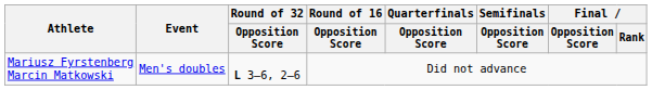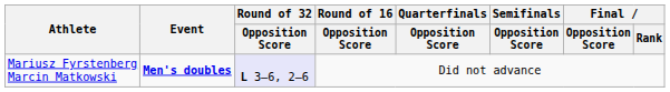 <table class=wikitable style="font-size:90%">
 <tr>
 <th rowspan="2">Athlete</th>
 <th rowspan="2">Event</th>
 <th>Round of 32</th>
 <th>Round of 16</th>
 <th>Quarterfinals</th>
 <th>Semifinals</th>
 <th colspan=2>Final / </th>
 </tr>
 <tr style="font-size:95%">
 <th>Opposition<br>Score</th>
 <th>Opposition<br>Score</th>
 <th>Opposition<br>Score</th>
 <th>Opposition<br>Score</th>
 <th>Opposition<br>Score</th>
 <th>Rank</th>
 </tr>
 <tr align=center>
 <td align=left><a href='#'>Mariusz Fyrstenberg</a><br><a href='#'>Marcin Matkowski</a></td>
-<td align=left><a href='#'>Men's doubles</a></td>
-<td><br><strong>L</strong> 3–6, 2–6</td>
+<td align=left><strong><a href='#'>Men's doubles</a></strong></td>
+<td style="background: lavender;"><br><strong>L</strong> 3–6, 2–6</td>
 <td colspan=5>Did not advance</td>
 </tr>
 </table>
